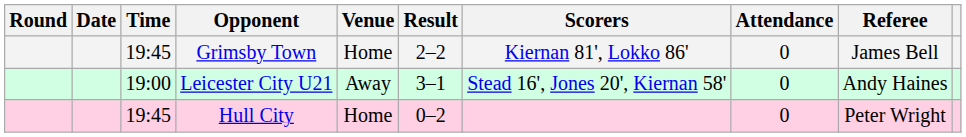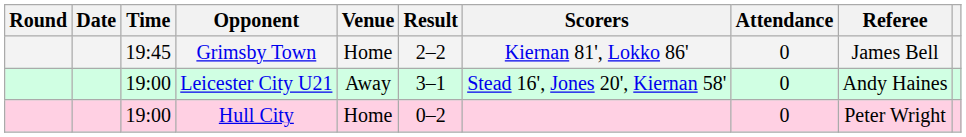 <table class="wikitable sortable" style="text-align:center">
 <tr>
 <th>Round</th>
 <th>Date</th>
 <th>Time</th>
 <th>Opponent</th>
 <th>Venue</th>
 <th>Result</th>
 <th class="unsortable">Scorers</th>
 <th>Attendance</th>
 <th class="unsortable">Referee</th>
 <th class="unsortable"></th>
 </tr>
 <tr bgcolor="#f3f3f3">
 <td></td>
 <td></td>
 <td>19:45</td>
 <td><a href='#'>Grimsby Town</a></td>
 <td>Home</td>
 <td>2–2 </td>
 <td><a href='#'>Kiernan</a> 81', <a href='#'>Lokko</a> 86'</td>
 <td>0</td>
 <td>James Bell</td>
 <td></td>
 </tr>
 <tr bgcolor="#d0ffe3">
 <td></td>
 <td></td>
 <td>19:00</td>
 <td><a href='#'>Leicester City U21</a></td>
 <td>Away</td>
 <td>3–1</td>
 <td><a href='#'>Stead</a> 16', <a href='#'>Jones</a> 20', <a href='#'>Kiernan</a> 58'</td>
 <td>0</td>
 <td>Andy Haines</td>
 <td></td>
 </tr>
 <tr bgcolor="#ffd0e3">
 <td></td>
 <td></td>
-<td>19:45</td>
+<td>19:00</td>
 <td><a href='#'>Hull City</a></td>
 <td>Home</td>
 <td>0–2</td>
 <td></td>
 <td>0</td>
 <td>Peter Wright</td>
 <td></td>
 </tr>
 </table>
